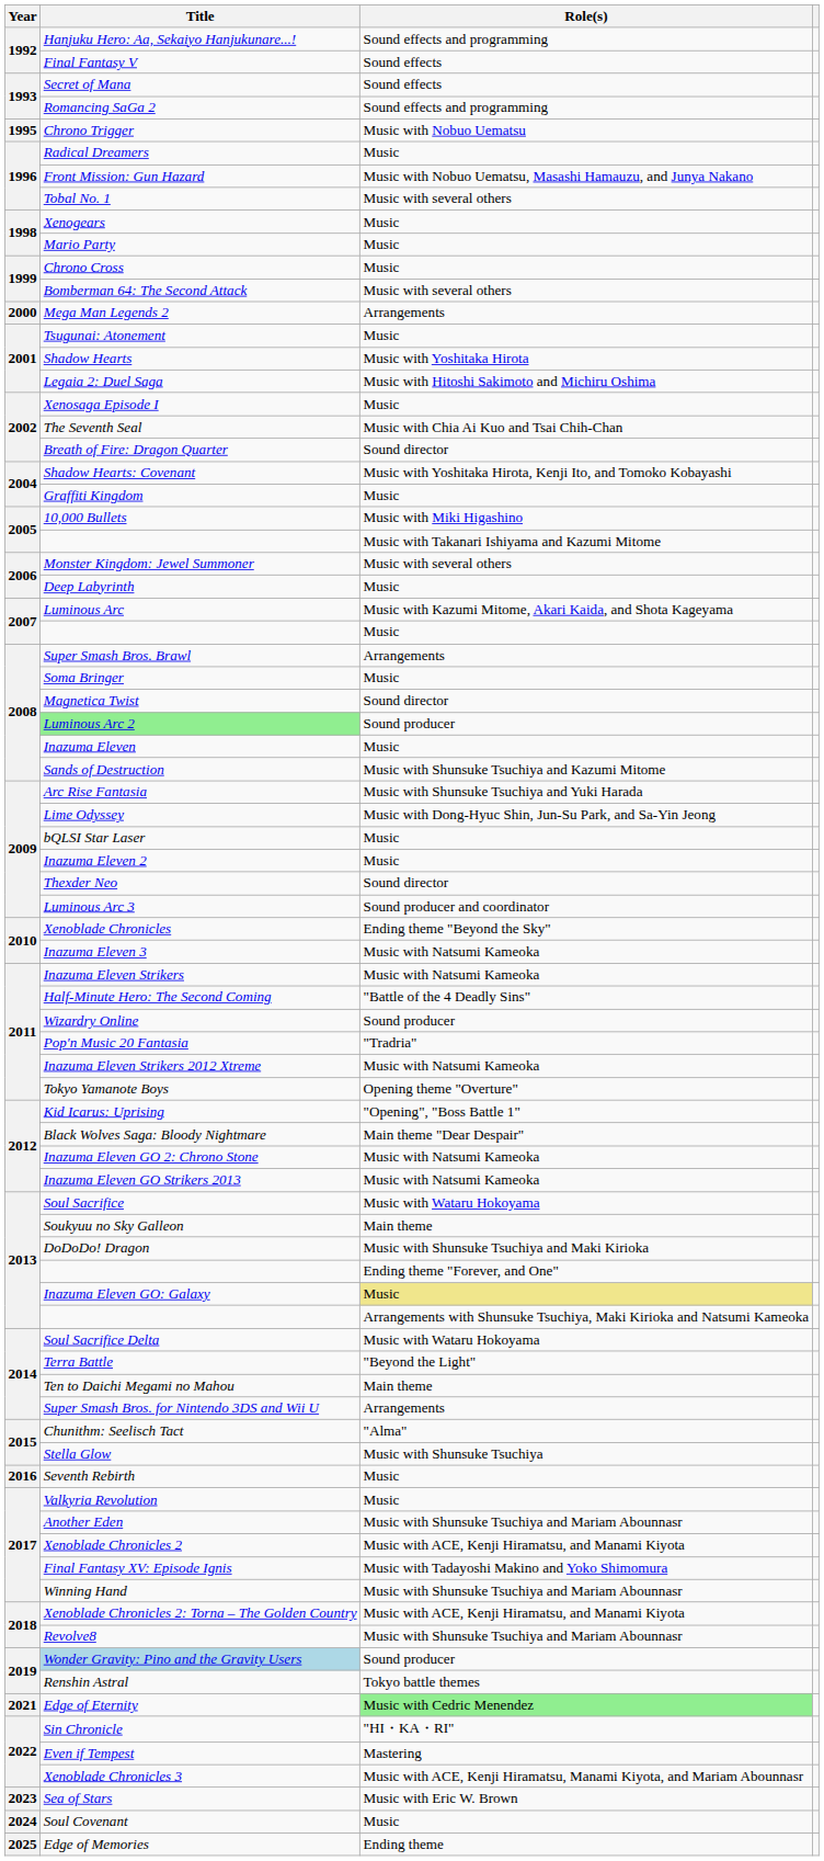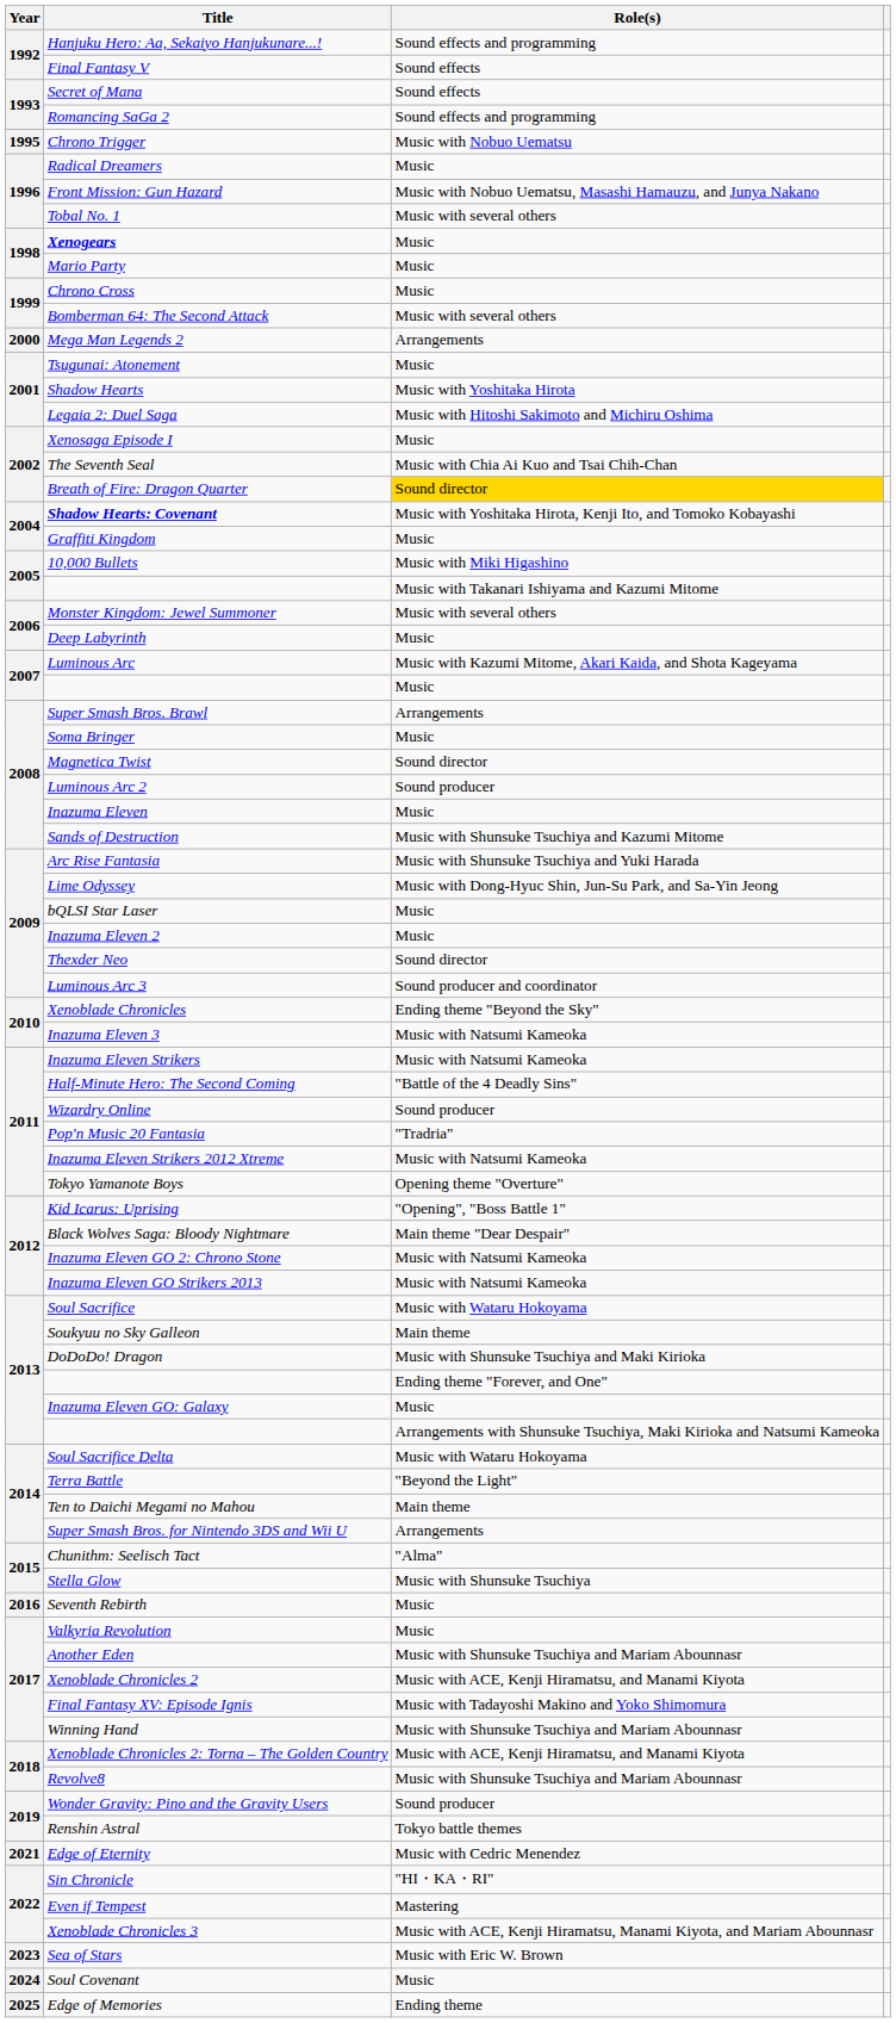 <table class="wikitable sortable" width="auto">
 <tr>
 <th scope="col">Year</th>
 <th scope="col">Title</th>
 <th scope="col">Role(s)</th>
 <th scope="col"></th>
 </tr>
 <tr>
 <th scope=rowgroup rowspan="2">1992</th>
 <td><em><a href='#'>Hanjuku Hero: Aa, Sekaiyo Hanjukunare...!</a></em></td>
 <td>Sound effects and programming</td>
 <td></td>
 </tr>
 <tr>
 <td><em><a href='#'>Final Fantasy V</a></em></td>
 <td>Sound effects</td>
 <td></td>
 </tr>
 <tr>
 <th scope=rowgroup rowspan="2">1993</th>
 <td><em><a href='#'>Secret of Mana</a></em></td>
 <td>Sound effects</td>
 <td></td>
 </tr>
 <tr>
 <td><em><a href='#'>Romancing SaGa 2</a></em></td>
 <td>Sound effects and programming</td>
 <td></td>
 </tr>
 <tr>
 <th scope=row>1995</th>
 <td><em><a href='#'>Chrono Trigger</a></em></td>
 <td>Music with <a href='#'>Nobuo Uematsu</a></td>
 <td></td>
 </tr>
 <tr>
 <th scope=rowgroup rowspan="3">1996</th>
 <td><em><a href='#'>Radical Dreamers</a></em></td>
 <td>Music</td>
 <td></td>
 </tr>
 <tr>
 <td><em><a href='#'>Front Mission: Gun Hazard</a></em></td>
 <td>Music with Nobuo Uematsu, <a href='#'>Masashi Hamauzu</a>, and <a href='#'>Junya Nakano</a></td>
 <td></td>
 </tr>
 <tr>
 <td><em><a href='#'>Tobal No. 1</a></em></td>
 <td>Music with several others</td>
 <td></td>
 </tr>
 <tr>
 <th scope=rowgroup rowspan="2">1998</th>
-<td><em><a href='#'>Xenogears</a></em></td>
+<td><strong><em><a href='#'>Xenogears</a></em></strong></td>
 <td>Music</td>
 <td></td>
 </tr>
 <tr>
 <td><em><a href='#'>Mario Party</a></em></td>
 <td>Music</td>
 <td></td>
 </tr>
 <tr>
 <th scope=rowgroup rowspan="2">1999</th>
 <td><em><a href='#'>Chrono Cross</a></em></td>
 <td>Music</td>
 <td></td>
 </tr>
 <tr>
 <td><em><a href='#'>Bomberman 64: The Second Attack</a></em></td>
 <td>Music with several others</td>
 <td></td>
 </tr>
 <tr>
 <th scope=row>2000</th>
 <td><em><a href='#'>Mega Man Legends 2</a></em></td>
 <td>Arrangements</td>
 <td></td>
 </tr>
 <tr>
 <th scope=rowgroup rowspan="3">2001</th>
 <td><em><a href='#'>Tsugunai: Atonement</a></em></td>
 <td>Music</td>
 <td></td>
 </tr>
 <tr>
 <td><em><a href='#'>Shadow Hearts</a></em></td>
 <td>Music with <a href='#'>Yoshitaka Hirota</a></td>
 <td></td>
 </tr>
 <tr>
 <td><em><a href='#'>Legaia 2: Duel Saga</a></em></td>
 <td>Music with <a href='#'>Hitoshi Sakimoto</a> and <a href='#'>Michiru Oshima</a></td>
 <td></td>
 </tr>
 <tr>
 <th scope=rowgroup rowspan="3">2002</th>
 <td><em><a href='#'>Xenosaga Episode I</a></em></td>
 <td>Music</td>
 <td></td>
 </tr>
 <tr>
 <td><em>The Seventh Seal</em></td>
 <td>Music with Chia Ai Kuo and Tsai Chih-Chan</td>
 <td></td>
 </tr>
 <tr>
 <td><em><a href='#'>Breath of Fire: Dragon Quarter</a></em></td>
-<td>Sound director</td>
+<td style="background: gold;">Sound director</td>
 <td></td>
 </tr>
 <tr>
 <th scope=rowgroup rowspan="2">2004</th>
-<td><em><a href='#'>Shadow Hearts: Covenant</a></em></td>
+<td><strong><em><a href='#'>Shadow Hearts: Covenant</a></em></strong></td>
 <td>Music with Yoshitaka Hirota, Kenji Ito, and Tomoko Kobayashi</td>
 <td></td>
 </tr>
 <tr>
 <td><em><a href='#'>Graffiti Kingdom</a></em></td>
 <td>Music</td>
 <td></td>
 </tr>
 <tr>
 <th scope=rowgroup rowspan="2">2005</th>
 <td><em><a href='#'>10,000 Bullets</a></em></td>
 <td>Music with <a href='#'>Miki Higashino</a></td>
 <td></td>
 </tr>
 <tr>
 <td></td>
 <td>Music with Takanari Ishiyama and Kazumi Mitome</td>
 <td></td>
 </tr>
 <tr>
 <th scope=rowgroup rowspan="2">2006</th>
 <td><em><a href='#'>Monster Kingdom: Jewel Summoner</a></em></td>
 <td>Music with several others</td>
 <td></td>
 </tr>
 <tr>
 <td><em><a href='#'>Deep Labyrinth</a></em></td>
 <td>Music</td>
 <td></td>
 </tr>
 <tr>
 <th scope=rowgroup rowspan="2">2007</th>
 <td><em><a href='#'>Luminous Arc</a></em></td>
 <td>Music with Kazumi Mitome, <a href='#'>Akari Kaida</a>, and Shota Kageyama</td>
 <td></td>
 </tr>
 <tr>
 <td></td>
 <td>Music</td>
 <td></td>
 </tr>
 <tr>
 <th scope=rowgroup rowspan="6">2008</th>
 <td><em><a href='#'>Super Smash Bros. Brawl</a></em></td>
 <td>Arrangements</td>
 <td></td>
 </tr>
 <tr>
 <td><em><a href='#'>Soma Bringer</a></em></td>
 <td>Music</td>
 <td></td>
 </tr>
 <tr>
 <td><em><a href='#'>Magnetica Twist</a></em></td>
 <td>Sound director</td>
 <td></td>
 </tr>
 <tr>
-<td style="background: lightgreen;"><em><a href='#'>Luminous Arc 2</a></em></td>
+<td><em><a href='#'>Luminous Arc 2</a></em></td>
 <td>Sound producer</td>
 <td></td>
 </tr>
 <tr>
 <td><em><a href='#'>Inazuma Eleven</a></em></td>
 <td>Music</td>
 <td></td>
 </tr>
 <tr>
 <td><em><a href='#'>Sands of Destruction</a></em></td>
 <td>Music with Shunsuke Tsuchiya and Kazumi Mitome</td>
 <td></td>
 </tr>
 <tr>
 <th scope=rowgroup rowspan="6">2009</th>
 <td><em><a href='#'>Arc Rise Fantasia</a></em></td>
 <td>Music with Shunsuke Tsuchiya and Yuki Harada</td>
 <td></td>
 </tr>
 <tr>
 <td><em><a href='#'>Lime Odyssey</a></em></td>
 <td>Music with Dong-Hyuc Shin, Jun-Su Park, and Sa-Yin Jeong</td>
 <td></td>
 </tr>
 <tr>
 <td><em>bQLSI Star Laser</em></td>
 <td>Music</td>
 <td></td>
 </tr>
 <tr>
 <td><em><a href='#'>Inazuma Eleven 2</a></em></td>
 <td>Music</td>
 <td></td>
 </tr>
 <tr>
 <td><em><a href='#'>Thexder Neo</a></em></td>
 <td>Sound director</td>
 <td></td>
 </tr>
 <tr>
 <td><em><a href='#'>Luminous Arc 3</a></em></td>
 <td>Sound producer and coordinator</td>
 <td></td>
 </tr>
 <tr>
 <th scope=rowgroup rowspan="2">2010</th>
 <td><em><a href='#'>Xenoblade Chronicles</a></em></td>
 <td>Ending theme "Beyond the Sky"</td>
 <td></td>
 </tr>
 <tr>
 <td><em><a href='#'>Inazuma Eleven 3</a></em></td>
 <td>Music with Natsumi Kameoka</td>
 <td></td>
 </tr>
 <tr>
 <th scope=row rowspan="6">2011</th>
 <td><em><a href='#'>Inazuma Eleven Strikers</a></em></td>
 <td>Music with Natsumi Kameoka</td>
 <td></td>
 </tr>
 <tr>
 <td><em><a href='#'>Half-Minute Hero: The Second Coming</a></em></td>
 <td>"Battle of the 4 Deadly Sins"</td>
 <td></td>
 </tr>
 <tr>
 <td><em><a href='#'>Wizardry Online</a></em></td>
 <td>Sound producer</td>
 <td></td>
 </tr>
 <tr>
 <td><em><a href='#'>Pop'n Music 20 Fantasia</a></em></td>
 <td>"Tradria"</td>
 <td></td>
 </tr>
 <tr>
 <td><em><a href='#'>Inazuma Eleven Strikers 2012 Xtreme</a></em></td>
 <td>Music with Natsumi Kameoka</td>
 <td></td>
 </tr>
 <tr>
 <td><em>Tokyo Yamanote Boys</em></td>
 <td>Opening theme "Overture"</td>
 <td></td>
 </tr>
 <tr>
 <th scope=row rowspan="4">2012</th>
 <td><em><a href='#'>Kid Icarus: Uprising</a></em></td>
 <td>"Opening", "Boss Battle 1"</td>
 <td></td>
 </tr>
 <tr>
 <td><em>Black Wolves Saga: Bloody Nightmare</em></td>
 <td>Main theme "Dear Despair"</td>
 <td></td>
 </tr>
 <tr>
 <td><em><a href='#'>Inazuma Eleven GO 2: Chrono Stone</a></em></td>
 <td>Music with Natsumi Kameoka</td>
 <td></td>
 </tr>
 <tr>
 <td><em><a href='#'>Inazuma Eleven GO Strikers 2013</a></em></td>
 <td>Music with Natsumi Kameoka</td>
 <td></td>
 </tr>
 <tr>
 <th scope=rowgroup rowspan="6">2013</th>
 <td><em><a href='#'>Soul Sacrifice</a></em></td>
 <td>Music with <a href='#'>Wataru Hokoyama</a></td>
 <td></td>
 </tr>
 <tr>
 <td><em>Soukyuu no Sky Galleon</em></td>
 <td>Main theme</td>
 <td></td>
 </tr>
 <tr>
 <td><em>DoDoDo! Dragon</em></td>
 <td>Music with Shunsuke Tsuchiya and Maki Kirioka</td>
 <td></td>
 </tr>
 <tr>
 <td></td>
 <td>Ending theme "Forever, and One"</td>
 <td></td>
 </tr>
 <tr>
 <td><em><a href='#'>Inazuma Eleven GO: Galaxy</a></em></td>
-<td style="background: khaki;">Music</td>
+<td>Music</td>
 <td></td>
 </tr>
 <tr>
 <td></td>
 <td>Arrangements with Shunsuke Tsuchiya, Maki Kirioka and Natsumi Kameoka</td>
 <td></td>
 </tr>
 <tr>
 <th scope=rowgroup rowspan="4">2014</th>
 <td><em><a href='#'>Soul Sacrifice Delta</a></em></td>
 <td>Music with Wataru Hokoyama</td>
 <td></td>
 </tr>
 <tr>
 <td><em><a href='#'>Terra Battle</a></em></td>
 <td>"Beyond the Light"</td>
 <td></td>
 </tr>
 <tr>
 <td><em>Ten to Daichi Megami no Mahou</em></td>
 <td>Main theme</td>
 <td></td>
 </tr>
 <tr>
 <td><em><a href='#'>Super Smash Bros. for Nintendo 3DS and Wii U</a></em></td>
 <td>Arrangements</td>
 <td></td>
 </tr>
 <tr>
 <th scope=rowgroup rowspan="2">2015</th>
 <td><em>Chunithm: Seelisch Tact</em></td>
 <td>"Alma"</td>
 <td></td>
 </tr>
 <tr>
 <td><em><a href='#'>Stella Glow</a></em></td>
 <td>Music with Shunsuke Tsuchiya</td>
 <td></td>
 </tr>
 <tr>
 <th scope=row>2016</th>
 <td><em>Seventh Rebirth</em></td>
 <td>Music</td>
 <td></td>
 </tr>
 <tr>
 <th scope=rowgroup rowspan="5">2017</th>
 <td><em><a href='#'>Valkyria Revolution</a></em></td>
 <td>Music</td>
 <td></td>
 </tr>
 <tr>
 <td><em><a href='#'>Another Eden</a></em></td>
 <td>Music with Shunsuke Tsuchiya and Mariam Abounnasr</td>
 <td></td>
 </tr>
 <tr>
 <td><em><a href='#'>Xenoblade Chronicles 2</a></em></td>
 <td>Music with ACE, Kenji Hiramatsu, and Manami Kiyota</td>
 <td></td>
 </tr>
 <tr>
 <td><em><a href='#'>Final Fantasy XV: Episode Ignis</a></em></td>
 <td>Music with Tadayoshi Makino and <a href='#'>Yoko Shimomura</a></td>
 <td></td>
 </tr>
 <tr>
 <td><em>Winning Hand</em></td>
 <td>Music with Shunsuke Tsuchiya and Mariam Abounnasr</td>
 <td></td>
 </tr>
 <tr>
 <th scope=rowgroup rowspan="2">2018</th>
 <td><em><a href='#'>Xenoblade Chronicles 2: Torna – The Golden Country</a></em></td>
 <td>Music with ACE, Kenji Hiramatsu, and Manami Kiyota</td>
 <td></td>
 </tr>
 <tr>
 <td><em><a href='#'>Revolve8</a></em></td>
 <td>Music with Shunsuke Tsuchiya and Mariam Abounnasr</td>
 <td></td>
 </tr>
 <tr>
 <th scope=rowgroup rowspan="2">2019</th>
-<td style="background: lightblue;"><em><a href='#'>Wonder Gravity: Pino and the Gravity Users</a></em></td>
+<td><em><a href='#'>Wonder Gravity: Pino and the Gravity Users</a></em></td>
 <td>Sound producer</td>
 <td></td>
 </tr>
 <tr>
 <td><em>Renshin Astral</em></td>
 <td>Tokyo battle themes</td>
 <td></td>
 </tr>
 <tr>
 <th scope=row>2021</th>
 <td><em><a href='#'>Edge of Eternity</a></em></td>
-<td style="background: lightgreen;">Music with Cedric Menendez</td>
+<td>Music with Cedric Menendez</td>
 <td></td>
 </tr>
 <tr>
 <th scope=rowgroup rowspan="3">2022</th>
 <td><em><a href='#'>Sin Chronicle</a></em></td>
 <td>"HI・KA・RI"</td>
 <td></td>
 </tr>
 <tr>
 <td><em><a href='#'>Even if Tempest</a></em></td>
 <td>Mastering</td>
 <td></td>
 </tr>
 <tr>
 <td><em><a href='#'>Xenoblade Chronicles 3</a></em></td>
 <td>Music with ACE, Kenji Hiramatsu, Manami Kiyota, and Mariam Abounnasr</td>
 <td></td>
 </tr>
 <tr>
 <th scope=rowgroup rowspan="1">2023</th>
 <td><em><a href='#'>Sea of Stars</a></em></td>
 <td>Music with Eric W. Brown</td>
 <td></td>
 </tr>
 <tr>
 <th scope=rowgroup rowspan="1">2024</th>
 <td><em>Soul Covenant</em></td>
 <td>Music</td>
 <td></td>
 </tr>
 <tr>
 <th scope=rowgroup rowspan="1">2025</th>
 <td><em>Edge of Memories</em></td>
 <td>Ending theme</td>
 <td></td>
 </tr>
 </table>
